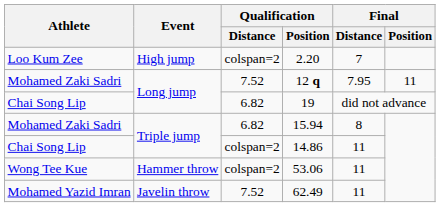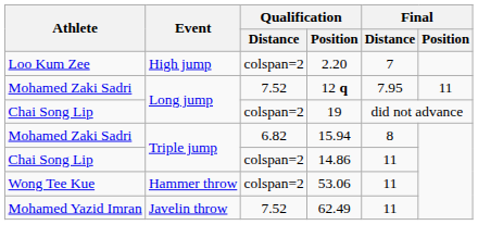 <table class=wikitable style="font-size:90%">
 <tr>
 <th rowspan="2">Athlete</th>
 <th rowspan="2">Event</th>
 <th colspan="2">Qualification</th>
 <th colspan="2">Final</th>
 </tr>
 <tr style="font-size:95%">
 <th>Distance</th>
 <th>Position</th>
 <th>Distance</th>
 <th>Position</th>
 </tr>
 <tr align=center>
 <td align=left><a href='#'>Loo Kum Zee</a></td>
 <td align=left><a href='#'>High jump</a></td>
 <td>colspan=2 </td>
 <td>2.20</td>
 <td>7</td>
 </tr>
 <tr align=center>
 <td align=left><a href='#'>Mohamed Zaki Sadri</a></td>
 <td align=left rowspan=2><a href='#'>Long jump</a></td>
 <td>7.52</td>
 <td>12 <strong>q</strong></td>
 <td>7.95</td>
 <td>11</td>
 </tr>
 <tr align=center>
 <td align=left><a href='#'>Chai Song Lip</a></td>
-<td>6.82</td>
+<td>colspan=2 </td>
 <td>19</td>
 <td colspan=2>did not advance</td>
 </tr>
 <tr align=center>
 <td align=left><a href='#'>Mohamed Zaki Sadri</a></td>
 <td align=left rowspan=2><a href='#'>Triple jump</a></td>
 <td>6.82</td>
 <td>15.94</td>
 <td>8</td>
 </tr>
 <tr align=center>
 <td align=left><a href='#'>Chai Song Lip</a></td>
 <td>colspan=2 </td>
 <td>14.86</td>
 <td>11</td>
 </tr>
 <tr align=center>
 <td align=left><a href='#'>Wong Tee Kue</a></td>
 <td align=left><a href='#'>Hammer throw</a></td>
 <td>colspan=2 </td>
 <td>53.06</td>
 <td>11</td>
 </tr>
 <tr align=center>
 <td align=left><a href='#'>Mohamed Yazid Imran</a></td>
 <td align=left><a href='#'>Javelin throw</a></td>
 <td>7.52</td>
 <td>62.49</td>
 <td>11</td>
 </tr>
 </table>
